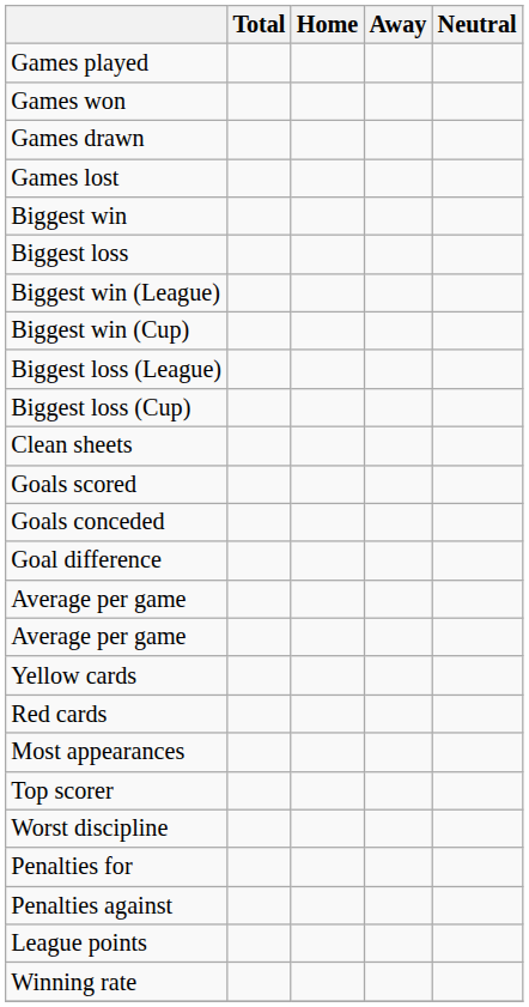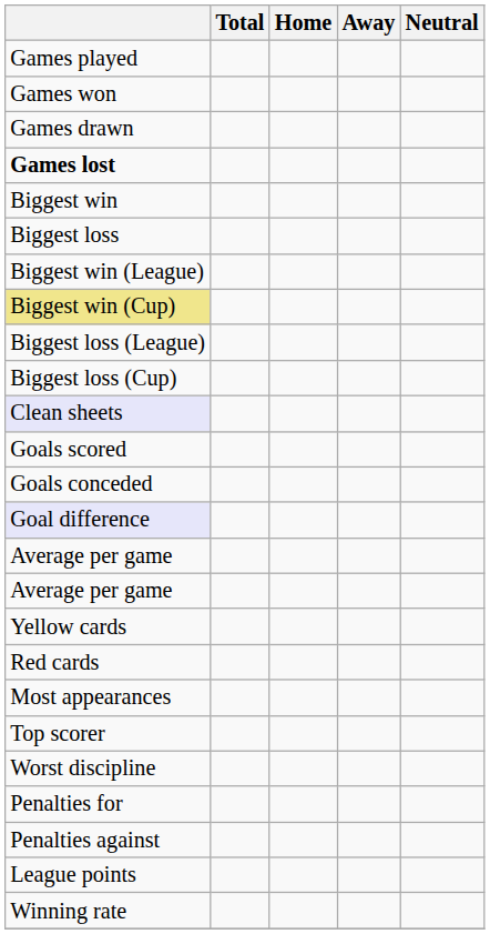 <table class="wikitable" style="text-align: center;">
 <tr>
 <th></th>
 <th>Total</th>
 <th>Home</th>
 <th>Away</th>
 <th>Neutral</th>
 </tr>
 <tr>
 <td align=left>Games played</td>
 <td></td>
 <td></td>
 <td></td>
 <td></td>
 </tr>
 <tr>
 <td align=left>Games won</td>
 <td></td>
 <td></td>
 <td></td>
 <td></td>
 </tr>
 <tr>
 <td align=left>Games drawn</td>
 <td></td>
 <td></td>
 <td></td>
 <td></td>
 </tr>
 <tr>
-<td align=left>Games lost</td>
+<td align=left><strong>Games lost</strong></td>
 <td></td>
 <td></td>
 <td></td>
 <td></td>
 </tr>
 <tr>
 <td align=left>Biggest win</td>
 <td></td>
 <td></td>
 <td></td>
 <td></td>
 </tr>
 <tr>
 <td align=left>Biggest loss</td>
 <td></td>
 <td></td>
 <td></td>
 <td></td>
 </tr>
 <tr>
 <td align=left>Biggest win (League)</td>
 <td></td>
 <td></td>
 <td></td>
 <td></td>
 </tr>
 <tr>
-<td align=left>Biggest win (Cup)</td>
+<td align=left style="background: khaki;">Biggest win (Cup)</td>
 <td></td>
 <td></td>
 <td></td>
 <td></td>
 </tr>
 <tr>
 <td align=left>Biggest loss (League)</td>
 <td></td>
 <td></td>
 <td></td>
 <td></td>
 </tr>
 <tr>
 <td align=left>Biggest loss (Cup)</td>
 <td></td>
 <td></td>
 <td></td>
 <td></td>
 </tr>
 <tr>
-<td align=left>Clean sheets</td>
+<td align=left style="background: lavender;">Clean sheets</td>
 <td></td>
 <td></td>
 <td></td>
 <td></td>
 </tr>
 <tr>
 <td align=left>Goals scored</td>
 <td></td>
 <td></td>
 <td></td>
 <td></td>
 </tr>
 <tr>
 <td align=left>Goals conceded</td>
 <td></td>
 <td></td>
 <td></td>
 <td></td>
 </tr>
 <tr>
-<td align=left>Goal difference</td>
+<td align=left style="background: lavender;">Goal difference</td>
 <td></td>
 <td></td>
 <td></td>
 <td></td>
 </tr>
 <tr>
 <td align=left>Average  per game</td>
 <td></td>
 <td></td>
 <td></td>
 <td></td>
 </tr>
 <tr>
 <td align=left>Average  per game</td>
 <td></td>
 <td></td>
 <td></td>
 <td></td>
 </tr>
 <tr>
 <td align=left>Yellow cards</td>
 <td></td>
 <td></td>
 <td></td>
 <td></td>
 </tr>
 <tr>
 <td align=left>Red cards</td>
 <td></td>
 <td></td>
 <td></td>
 <td></td>
 </tr>
 <tr>
 <td align=left>Most appearances</td>
 <td></td>
 <td></td>
 <td></td>
 <td></td>
 </tr>
 <tr>
 <td align=left>Top scorer</td>
 <td></td>
 <td></td>
 <td></td>
 <td></td>
 </tr>
 <tr>
 <td align=left>Worst discipline</td>
 <td></td>
 <td></td>
 <td></td>
 <td></td>
 </tr>
 <tr>
 <td align=left>Penalties for</td>
 <td></td>
 <td></td>
 <td></td>
 <td></td>
 </tr>
 <tr>
 <td align=left>Penalties against</td>
 <td></td>
 <td></td>
 <td></td>
 <td></td>
 </tr>
 <tr>
 <td align=left>League points</td>
 <td></td>
 <td></td>
 <td></td>
 <td></td>
 </tr>
 <tr>
 <td align=left>Winning rate</td>
 <td></td>
 <td></td>
 <td></td>
 <td></td>
 </tr>
 <tr>
 </tr>
 </table>
